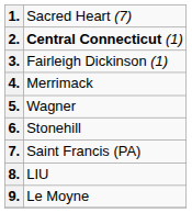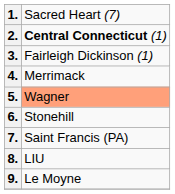 <table class="wikitable">
 <tr>
 <th>1.</th>
 <td>Sacred Heart <em>(7)</em></td>
 </tr>
 <tr>
 <th>2.</th>
 <td><strong>Central Connecticut</strong> <em>(1)</em></td>
 </tr>
 <tr>
 <th>3.</th>
 <td>Fairleigh Dickinson <em>(1)</em></td>
 </tr>
 <tr>
 <th>4.</th>
 <td>Merrimack</td>
 </tr>
 <tr>
 <th>5.</th>
-<td>Wagner</td>
+<td style="background: lightsalmon;">Wagner</td>
 </tr>
 <tr>
 <th>6.</th>
 <td>Stonehill</td>
 </tr>
 <tr>
 <th>7.</th>
 <td>Saint Francis (PA)</td>
 </tr>
 <tr>
 <th>8.</th>
 <td>LIU</td>
 </tr>
 <tr>
 <th>9.</th>
 <td>Le Moyne</td>
 </tr>
 <tr>
 </tr>
 </table>
